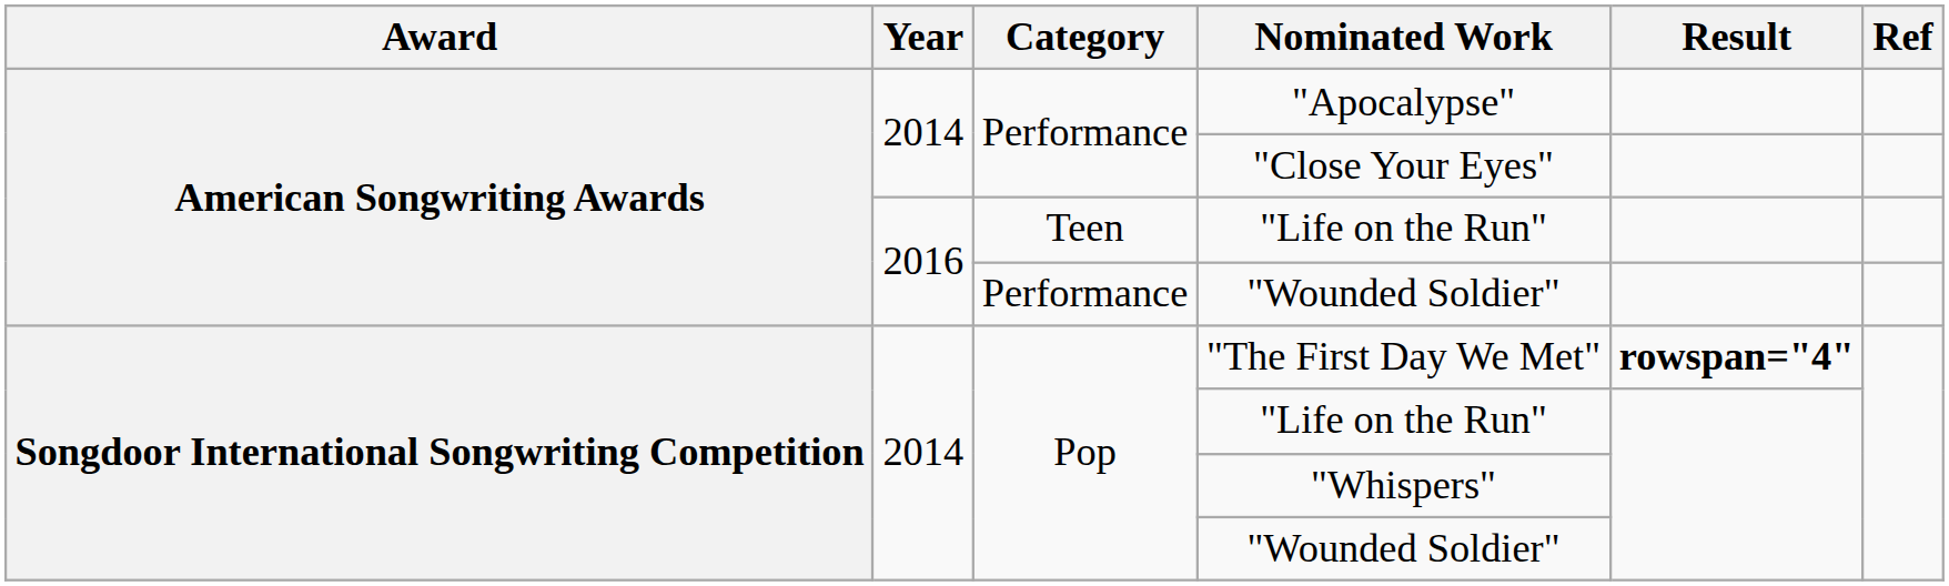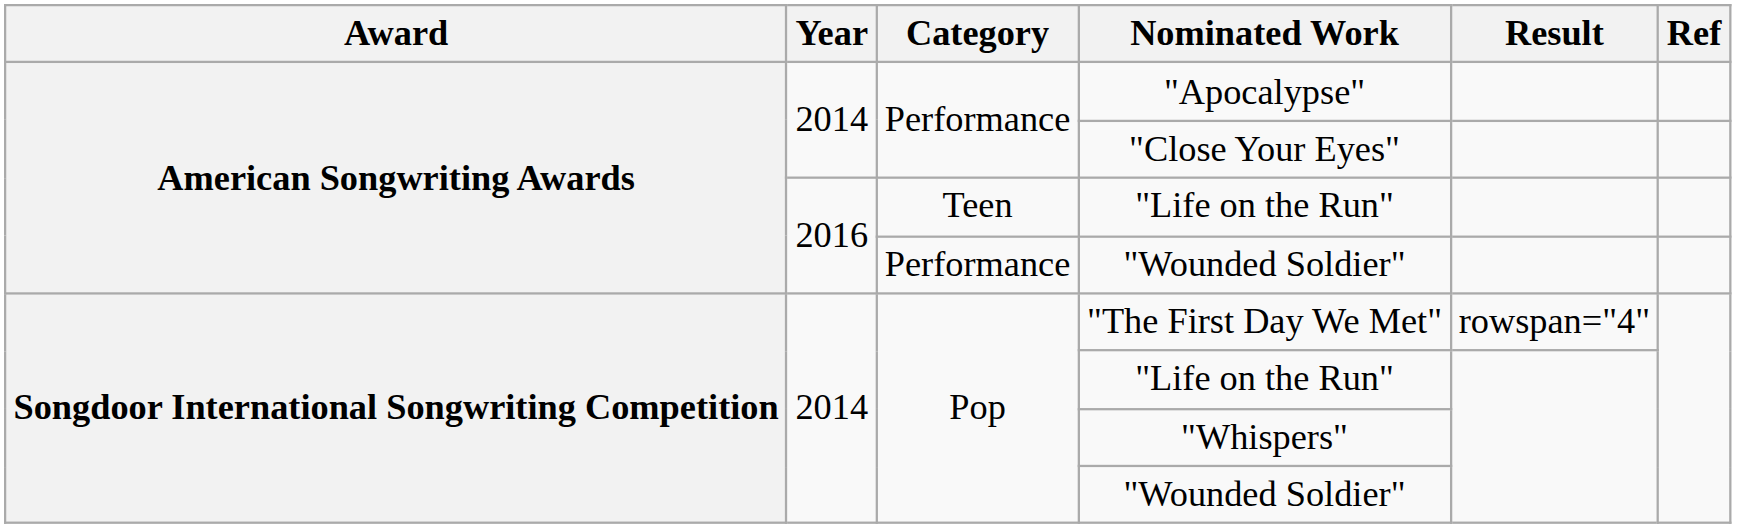 <table class="wikitable plainrowheaders" style="text-align:center;">
 <tr>
 <th scope="col">Award</th>
 <th scope="col">Year</th>
 <th scope="col">Category</th>
 <th scope="col">Nominated Work</th>
 <th scope="col">Result</th>
 <th scope="col">Ref</th>
 </tr>
 <tr>
 <th scope="col" rowspan="4">American Songwriting Awards</th>
 <td rowspan="2">2014</td>
 <td rowspan="2">Performance</td>
 <td>"Apocalypse"</td>
 <td></td>
 <td></td>
 </tr>
 <tr>
 <td>"Close Your Eyes"</td>
 <td></td>
 <td></td>
 </tr>
 <tr>
 <td rowspan="2">2016</td>
 <td>Teen</td>
 <td>"Life on the Run"</td>
 <td></td>
 <td></td>
 </tr>
 <tr>
 <td>Performance</td>
 <td>"Wounded Soldier"</td>
 <td></td>
 <td></td>
 </tr>
 <tr>
 <th scope="col" rowspan="4">Songdoor International Songwriting Competition</th>
 <td rowspan="4">2014</td>
 <td rowspan="4">Pop</td>
 <td>"The First Day We Met"</td>
-<td><strong>rowspan="4" </strong></td>
+<td>rowspan="4" </td>
 <td rowspan="4"></td>
 </tr>
 <tr>
 <td>"Life on the Run"</td>
 </tr>
 <tr>
 <td>"Whispers"</td>
 </tr>
 <tr>
 <td>"Wounded Soldier"</td>
 </tr>
 </table>
